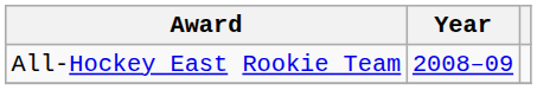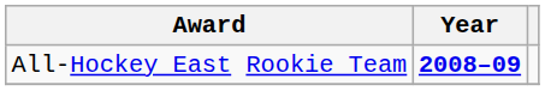 <table class="wikitable">
 <tr>
 <th>Award</th>
 <th>Year</th>
 <th></th>
 </tr>
 <tr>
 <td>All-<a href='#'>Hockey East</a> <a href='#'>Rookie Team</a></td>
-<td><a href='#'>2008–09</a></td>
+<td><strong><a href='#'>2008–09</a></strong></td>
 <td></td>
 </tr>
 <tr>
 </tr>
 </table>
